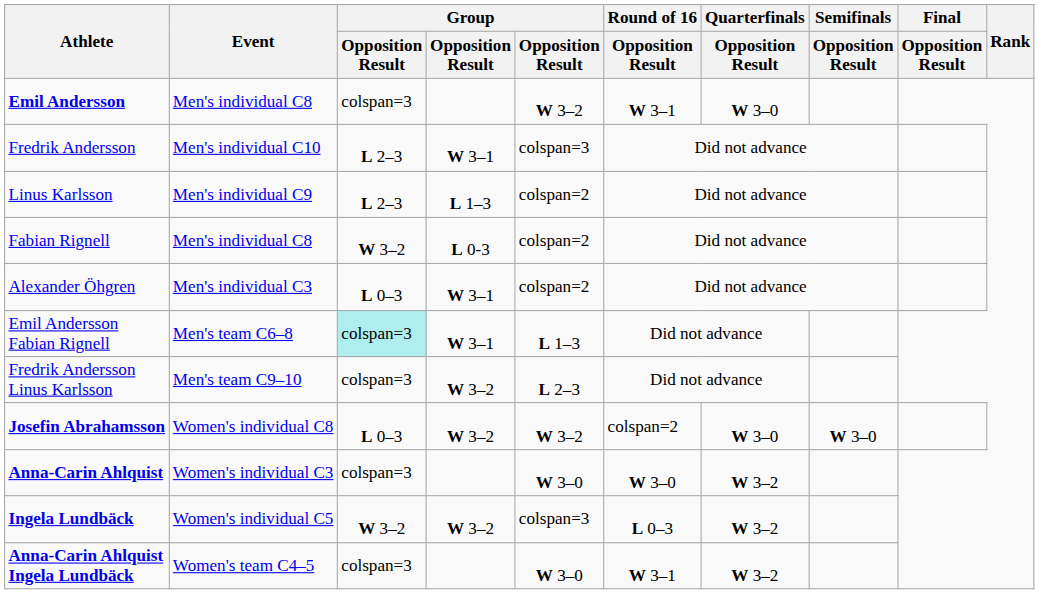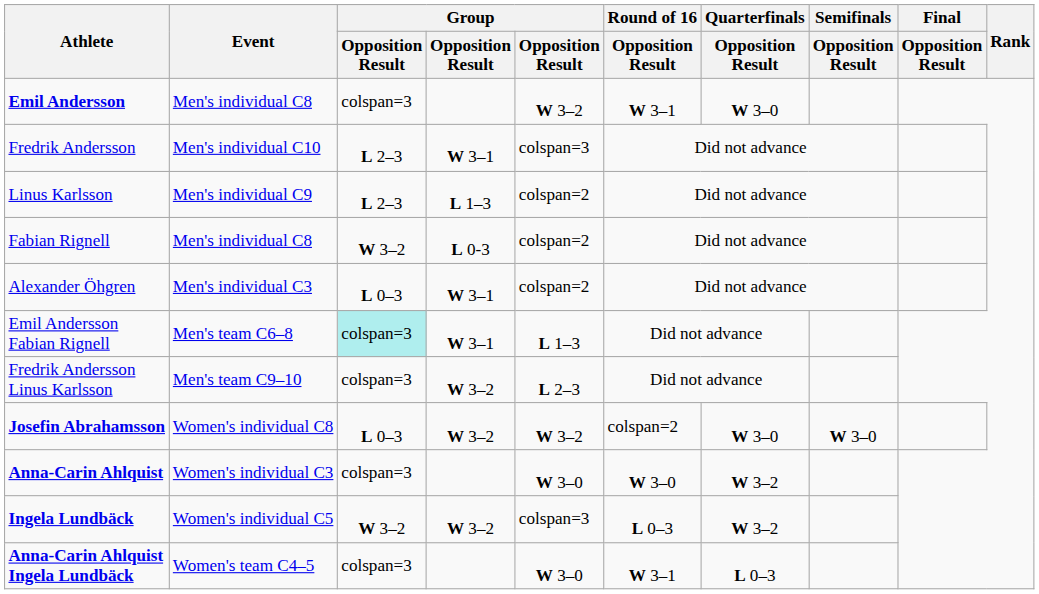 <table class="wikitable">
 <tr>
 <th rowspan="2">Athlete</th>
 <th rowspan="2">Event</th>
 <th colspan="3">Group</th>
 <th>Round of 16</th>
 <th>Quarterfinals</th>
 <th>Semifinals</th>
 <th>Final</th>
 <th rowspan="2">Rank</th>
 </tr>
 <tr>
 <th>Opposition<br>Result</th>
 <th>Opposition<br>Result</th>
 <th>Opposition<br>Result</th>
 <th>Opposition<br>Result</th>
 <th>Opposition<br>Result</th>
 <th>Opposition<br>Result</th>
 <th>Opposition<br>Result</th>
 </tr>
 <tr>
 <td><strong><a href='#'>Emil Andersson</a></strong></td>
 <td><a href='#'>Men's individual C8</a></td>
 <td>colspan=3 </td>
 <td></td>
 <td align=center><br><strong>W</strong> 3–2</td>
 <td align=center><br><strong>W</strong> 3–1</td>
 <td align=center><br><strong>W</strong> 3–0</td>
 <td align=center></td>
 </tr>
 <tr>
 <td><a href='#'>Fredrik Andersson</a></td>
 <td><a href='#'>Men's individual C10</a></td>
 <td align=center><br><strong>L</strong> 2–3</td>
 <td align=center><br><strong>W</strong> 3–1</td>
 <td>colspan=3 </td>
 <td colspan=3 align=center>Did not advance</td>
 <td align=center></td>
 </tr>
 <tr>
 <td><a href='#'>Linus Karlsson</a></td>
 <td><a href='#'>Men's individual C9</a></td>
 <td align=center><br><strong>L</strong> 2–3</td>
 <td align=center><br><strong>L</strong> 1–3</td>
 <td>colspan=2 </td>
 <td colspan=3 align=center>Did not advance</td>
 <td align=center></td>
 </tr>
 <tr>
 <td><a href='#'>Fabian Rignell</a></td>
 <td><a href='#'>Men's individual C8</a></td>
 <td align=center><br><strong>W</strong> 3–2</td>
 <td align=center><br><strong>L</strong> 0-3</td>
 <td>colspan=2 </td>
 <td colspan=3 align=center>Did not advance</td>
 <td align=center></td>
 </tr>
 <tr>
 <td><a href='#'>Alexander Öhgren</a></td>
 <td><a href='#'>Men's individual C3</a></td>
 <td align=center><br><strong>L</strong> 0–3</td>
 <td align=center><br><strong>W</strong> 3–1</td>
 <td>colspan=2 </td>
 <td colspan=3 align=center>Did not advance</td>
 <td align=center></td>
 </tr>
 <tr>
 <td><a href='#'>Emil Andersson</a><br><a href='#'>Fabian Rignell</a></td>
 <td><a href='#'>Men's team C6–8</a></td>
 <td style="background: paleturquoise;">colspan=3 </td>
 <td align=center><br><strong>W</strong> 3–1</td>
 <td align=center><br><strong>L</strong> 1–3</td>
 <td colspan=2 align=center>Did not advance</td>
 <td align=center></td>
 </tr>
 <tr>
 <td><a href='#'>Fredrik Andersson</a><br><a href='#'>Linus Karlsson</a></td>
 <td><a href='#'>Men's team C9–10</a></td>
 <td>colspan=3 </td>
 <td align=center><br><strong>W</strong> 3–2</td>
 <td align=center><br><strong>L</strong> 2–3</td>
 <td colspan=2 align=center>Did not advance</td>
 <td align=center></td>
 </tr>
 <tr>
 <td><strong><a href='#'>Josefin Abrahamsson</a></strong></td>
 <td><a href='#'>Women's individual C8</a></td>
 <td align=center><br><strong>L</strong> 0–3</td>
 <td align=center><br><strong>W</strong> 3–2</td>
 <td align=center><br><strong>W</strong> 3–2</td>
 <td>colspan=2 </td>
 <td align=center><br><strong>W</strong> 3–0</td>
 <td align=center><br><strong>W</strong> 3–0</td>
 <td align=center></td>
 </tr>
 <tr>
 <td><strong><a href='#'>Anna-Carin Ahlquist</a></strong></td>
 <td><a href='#'>Women's individual C3</a></td>
 <td>colspan=3 </td>
 <td></td>
 <td align=center><br><strong>W</strong> 3–0</td>
 <td align=center><br><strong>W</strong> 3–0</td>
 <td align=center><br><strong>W</strong> 3–2</td>
 <td align=center></td>
 </tr>
 <tr>
 <td><strong><a href='#'>Ingela Lundbäck</a></strong></td>
 <td><a href='#'>Women's individual C5</a></td>
 <td align=center><br><strong>W</strong> 3–2</td>
 <td align=center><br><strong>W</strong> 3–2</td>
 <td>colspan=3 </td>
 <td align=center><br><strong>L</strong> 0–3</td>
 <td align=center><br><strong>W</strong> 3–2</td>
 <td align=center></td>
 </tr>
 <tr>
 <td><strong><a href='#'>Anna-Carin Ahlquist</a></strong><br><strong><a href='#'>Ingela Lundbäck</a></strong></td>
 <td><a href='#'>Women's team C4–5</a></td>
 <td>colspan=3 </td>
 <td></td>
 <td align=center><br><strong>W</strong> 3–0</td>
 <td align=center><br><strong>W</strong> 3–1</td>
-<td align=center><br><strong>W</strong> 3–2</td>
+<td align=center><br><strong>L</strong> 0–3</td>
 <td align=center></td>
 </tr>
 </table>
